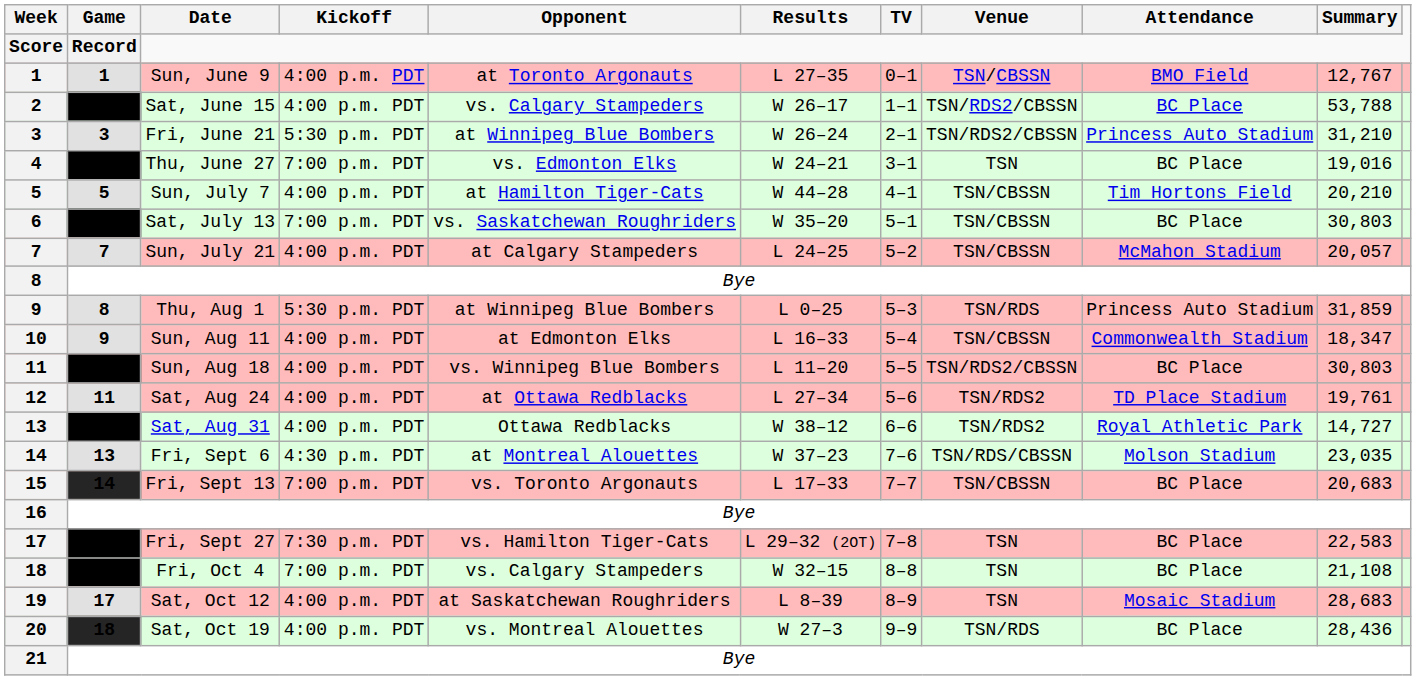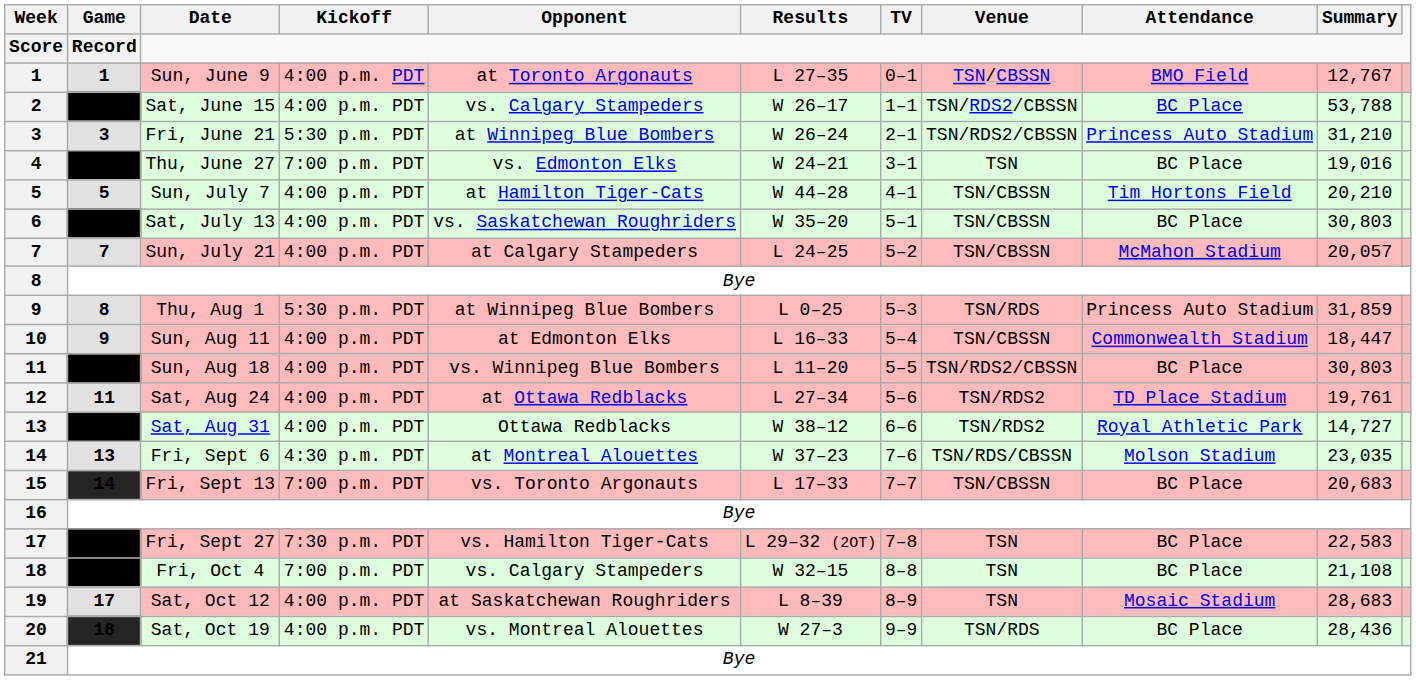 <table class="wikitable" style="font-size: 95%;">
 <tr>
 <th scope="col">Week</th>
 <th scope="col">Game</th>
 <th scope="col">Date</th>
 <th scope="col">Kickoff</th>
 <th scope="col">Opponent</th>
 <th scope="col">Results</th>
 <th scope="col">TV</th>
 <th scope="col">Venue</th>
 <th scope="col">Attendance</th>
 <th scope="col">Summary</th>
 </tr>
 <tr>
 <th scope="col">Score</th>
 <th scope="col">Record</th>
 </tr>
 <tr align="center" bgcolor="ffbbbb">
 <th align="center"><strong>1</strong></th>
 <th style="text-align:center; background:#E1E1E1;"><span><strong>1</strong></span></th>
 <td align="center">Sun, June 9</td>
 <td align="center">4:00 p.m. <a href='#'>PDT</a></td>
 <td align="center">at <a href='#'>Toronto Argonauts</a></td>
 <td align="center">L 27–35</td>
 <td align="center">0–1</td>
 <td align="center"><a href='#'>TSN</a>/<a href='#'>CBSSN</a></td>
 <td align="center"><a href='#'>BMO Field</a></td>
 <td align="center">12,767</td>
 <td align="center"></td>
 </tr>
 <tr align="center" bgcolor="ddffdd">
 <th align="center"><strong>2</strong></th>
 <th style="text-align:center; background:black;"><span><strong>2</strong></span></th>
 <td align="center">Sat, June 15</td>
 <td align="center">4:00 p.m. PDT</td>
 <td align="center">vs. <a href='#'>Calgary Stampeders</a></td>
 <td align="center">W 26–17</td>
 <td align="center">1–1</td>
 <td align="center">TSN/<a href='#'>RDS2</a>/CBSSN</td>
 <td align="center"><a href='#'>BC Place</a></td>
 <td align="center">53,788</td>
 <td align="center"></td>
 </tr>
 <tr align="center" bgcolor="ddffdd">
 <th align="center"><strong>3</strong></th>
 <th style="text-align:center; background:#E1E1E1;"><span><strong>3</strong></span></th>
 <td align="center">Fri, June 21</td>
 <td align="center">5:30 p.m. PDT</td>
 <td align="center">at <a href='#'>Winnipeg Blue Bombers</a></td>
 <td align="center">W 26–24</td>
 <td align="center">2–1</td>
 <td align="center">TSN/RDS2/CBSSN</td>
 <td align="center"><a href='#'>Princess Auto Stadium</a></td>
 <td align="center">31,210</td>
 <td align="center"></td>
 </tr>
 <tr align="center" bgcolor="ddffdd">
 <th align="center"><strong>4</strong></th>
 <th style="text-align:center; background:black;"><span><strong>4</strong></span></th>
 <td align="center">Thu, June 27</td>
 <td align="center">7:00 p.m. PDT</td>
 <td align="center">vs. <a href='#'>Edmonton Elks</a></td>
 <td align="center">W 24–21</td>
 <td align="center">3–1</td>
 <td align="center">TSN</td>
 <td align="center">BC Place</td>
 <td align="center">19,016</td>
 <td align="center"></td>
 </tr>
 <tr align="center" bgcolor="ddffdd">
 <th align="center"><strong>5</strong></th>
 <th style="text-align:center; background:#E1E1E1;"><span><strong>5</strong></span></th>
 <td align="center">Sun, July 7</td>
 <td align="center">4:00 p.m. PDT</td>
 <td align="center">at <a href='#'>Hamilton Tiger-Cats</a></td>
 <td align="center">W 44–28</td>
 <td align="center">4–1</td>
 <td align="center">TSN/CBSSN</td>
 <td align="center"><a href='#'>Tim Hortons Field</a></td>
 <td align="center">20,210</td>
 <td align="center"></td>
 </tr>
 <tr align="center" bgcolor="ddffdd">
 <th align="center"><strong>6</strong></th>
 <th style="text-align:center; background:black;"><span><strong>6</strong></span></th>
 <td align="center">Sat, July 13</td>
-<td align="center">7:00 p.m. PDT</td>
+<td align="center">4:00 p.m. PDT</td>
 <td align="center">vs. <a href='#'>Saskatchewan Roughriders</a></td>
 <td align="center">W 35–20</td>
 <td align="center">5–1</td>
 <td align="center">TSN/CBSSN</td>
 <td align="center">BC Place</td>
 <td align="center">30,803</td>
 <td align="center"></td>
 </tr>
 <tr align="center" bgcolor="ffbbbb">
 <th align="center"><strong>7</strong></th>
 <th style="text-align:center; background:#E1E1E1;"><span><strong>7</strong></span></th>
 <td align="center">Sun, July 21</td>
 <td align="center">4:00 p.m. PDT</td>
 <td align="center">at Calgary Stampeders</td>
 <td align="center">L 24–25</td>
 <td align="center">5–2</td>
 <td align="center">TSN/CBSSN</td>
 <td align="center"><a href='#'>McMahon Stadium</a></td>
 <td align="center">20,057</td>
 <td align="center"></td>
 </tr>
 <tr align="center" bgcolor="ffffff">
 <th align="center"><strong>8</strong></th>
 <td colspan=10 align="center" valign="middle"><em>Bye</em></td>
 </tr>
 <tr align="center" bgcolor="ffbbbb">
 <th align="center"><strong>9</strong></th>
 <th style="text-align:center; background:#E1E1E1;"><span><strong>8</strong></span></th>
 <td align="center">Thu, Aug 1</td>
 <td align="center">5:30 p.m. PDT</td>
 <td align="center">at Winnipeg Blue Bombers</td>
 <td align="center">L 0–25</td>
 <td align="center">5–3</td>
 <td align="center">TSN/RDS</td>
 <td align="center">Princess Auto Stadium</td>
 <td align="center">31,859</td>
 <td align="center"></td>
 </tr>
 <tr align="center" bgcolor="ffbbbb">
 <th align="center"><strong>10</strong></th>
 <th style="text-align:center; background:#E1E1E1;"><span><strong>9</strong></span></th>
 <td align="center">Sun, Aug 11</td>
 <td align="center">4:00 p.m. PDT</td>
 <td align="center">at Edmonton Elks</td>
 <td align="center">L 16–33</td>
 <td align="center">5–4</td>
 <td align="center">TSN/CBSSN</td>
 <td align="center"><a href='#'>Commonwealth Stadium</a></td>
-<td align="center">18,347</td>
+<td align="center">18,447</td>
 <td align="center"></td>
 </tr>
 <tr align="center" bgcolor="ffbbbb">
 <th align="center"><strong>11</strong></th>
 <th style="text-align:center; background:black;"><span><strong>10</strong></span></th>
 <td align="center">Sun, Aug 18</td>
 <td align="center">4:00 p.m. PDT</td>
 <td align="center">vs. Winnipeg Blue Bombers</td>
 <td align="center">L 11–20</td>
 <td align="center">5–5</td>
 <td align="center">TSN/RDS2/CBSSN</td>
 <td align="center">BC Place</td>
 <td align="center">30,803</td>
 <td align="center"></td>
 </tr>
 <tr align="center" bgcolor="ffbbbb">
 <th align="center"><strong>12</strong></th>
 <th style="text-align:center; background:#E1E1E1;"><span><strong>11</strong></span></th>
 <td align="center">Sat, Aug 24</td>
 <td align="center">4:00 p.m. PDT</td>
 <td align="center">at <a href='#'>Ottawa Redblacks</a></td>
 <td align="center">L 27–34</td>
 <td align="center">5–6</td>
 <td align="center">TSN/RDS2</td>
 <td align="center"><a href='#'>TD Place Stadium</a></td>
 <td align="center">19,761</td>
 <td align="center"></td>
 </tr>
 <tr align="center" bgcolor="ddffdd">
 <th align="center"><strong>13</strong></th>
 <th style="text-align:center; background:black;"><span><strong>12</strong></span></th>
 <td align="center"><a href='#'>Sat, Aug 31</a></td>
 <td align="center">4:00 p.m. PDT</td>
 <td align="center">Ottawa Redblacks</td>
 <td align="center">W 38–12</td>
 <td align="center">6–6</td>
 <td align="center">TSN/RDS2</td>
 <td align="center"><a href='#'>Royal Athletic Park</a></td>
 <td align="center">14,727</td>
 <td align="center"></td>
 </tr>
 <tr align="center" bgcolor="ddffdd">
 <th align="center"><strong>14</strong></th>
 <th style="text-align:center; background:#E1E1E1;"><span><strong>13</strong></span></th>
 <td align="center">Fri, Sept 6</td>
 <td align="center">4:30 p.m. PDT</td>
 <td align="center">at <a href='#'>Montreal Alouettes</a></td>
 <td align="center">W 37–23</td>
 <td align="center">7–6</td>
 <td align="center">TSN/RDS/CBSSN</td>
 <td align="center"><a href='#'>Molson Stadium</a></td>
 <td align="center">23,035</td>
 <td align="center"></td>
 </tr>
 <tr align="center" bgcolor="ffbbbb">
 <th align="center"><strong>15</strong></th>
 <td style="text-align:center; background:#252525;"><span><strong>14</strong></span></td>
 <td align="center">Fri, Sept 13</td>
 <td align="center">7:00 p.m. PDT</td>
 <td align="center">vs. Toronto Argonauts</td>
 <td align="center">L 17–33</td>
 <td align="center">7–7</td>
 <td align="center">TSN/CBSSN</td>
 <td align="center">BC Place</td>
 <td align="center">20,683</td>
 <td align="center"></td>
 </tr>
 <tr align="center" bgcolor="ffffff">
 <th align="center"><strong>16</strong></th>
 <td colspan=10 align="center" valign="middle"><em>Bye</em></td>
 </tr>
 <tr align="center" bgcolor="ffbbbb">
 <th align="center"><strong>17</strong></th>
 <th style="text-align:center; background:black;"><span><strong>15</strong></span></th>
 <td align="center">Fri, Sept 27</td>
 <td align="center">7:30 p.m. PDT</td>
 <td align="center">vs. Hamilton Tiger-Cats</td>
 <td align="center">L 29–32 <small>(2OT)</small></td>
 <td align="center">7–8</td>
 <td align="center">TSN</td>
 <td align="center">BC Place</td>
 <td align="center">22,583</td>
 <td align="center"></td>
 </tr>
 <tr align="center" bgcolor="ddffdd">
 <th align="center"><strong>18</strong></th>
 <th style="text-align:center; background:black;"><span><strong>16</strong></span></th>
 <td align="center">Fri, Oct 4</td>
 <td align="center">7:00 p.m. PDT</td>
 <td align="center">vs. Calgary Stampeders</td>
 <td align="center">W 32–15</td>
 <td align="center">8–8</td>
 <td align="center">TSN</td>
 <td align="center">BC Place</td>
 <td align="center">21,108</td>
 <td align="center"></td>
 </tr>
 <tr align="center" bgcolor="ffbbbb">
 <th align="center"><strong>19</strong></th>
 <th style="text-align:center; background:#E1E1E1;"><span><strong>17</strong></span></th>
 <td align="center">Sat, Oct 12</td>
 <td align="center">4:00 p.m. PDT</td>
 <td align="center">at Saskatchewan Roughriders</td>
 <td align="center">L 8–39</td>
 <td align="center">8–9</td>
 <td align="center">TSN</td>
 <td align="center"><a href='#'>Mosaic Stadium</a></td>
 <td align="center">28,683</td>
 <td align="center"></td>
 </tr>
 <tr align="center" bgcolor="ddffdd">
 <th align="center"><strong>20</strong></th>
 <td style="text-align:center; background:#252525;"><span><strong>18</strong></span></td>
 <td align="center">Sat, Oct 19</td>
 <td align="center">4:00 p.m. PDT</td>
 <td align="center">vs. Montreal Alouettes</td>
 <td align="center">W 27–3</td>
 <td align="center">9–9</td>
 <td align="center">TSN/RDS</td>
 <td align="center">BC Place</td>
 <td align="center">28,436</td>
 <td align="center"></td>
 </tr>
 <tr align="center" bgcolor="ffffff">
 <th align="center"><strong>21</strong></th>
 <td colspan=10 align="center" valign="middle"><em>Bye</em></td>
 </tr>
 </table>
